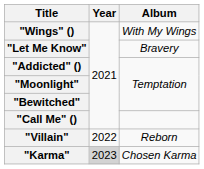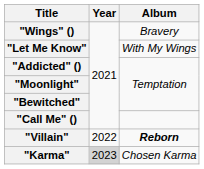 <table class="wikitable plainrowheaders" style="text-align:center">
 <tr>
 <th scope="col">Title</th>
 <th scope="col">Year</th>
 <th scope="col">Album</th>
 </tr>
 <tr>
 <th scope="row">"Wings" ()</th>
 <td rowspan="6">2021</td>
-<td><em>With My Wings</em></td>
+<td><em>Bravery</em></td>
 </tr>
 <tr>
 <th scope="row">"Let Me Know"</th>
-<td><em>Bravery</em></td>
+<td><em>With My Wings</em></td>
 </tr>
 <tr>
 <th scope="row">"Addicted" ()</th>
 <td rowspan="3"><em>Temptation</em></td>
 </tr>
 <tr>
 <th scope="row">"Moonlight"</th>
 </tr>
 <tr>
 <th scope="row">"Bewitched"</th>
 </tr>
 <tr>
 <th scope="row">"Call Me" ()</th>
 <td></td>
 </tr>
 <tr>
 <th scope="row">"Villain"</th>
 <td>2022</td>
-<td><em>Reborn</em></td>
+<td><strong><em>Reborn</em></strong></td>
 </tr>
 <tr>
 <th scope="row">"Karma"</th>
 <td style="background: lightgrey;">2023</td>
 <td><em>Chosen Karma</em></td>
 </tr>
 </table>
